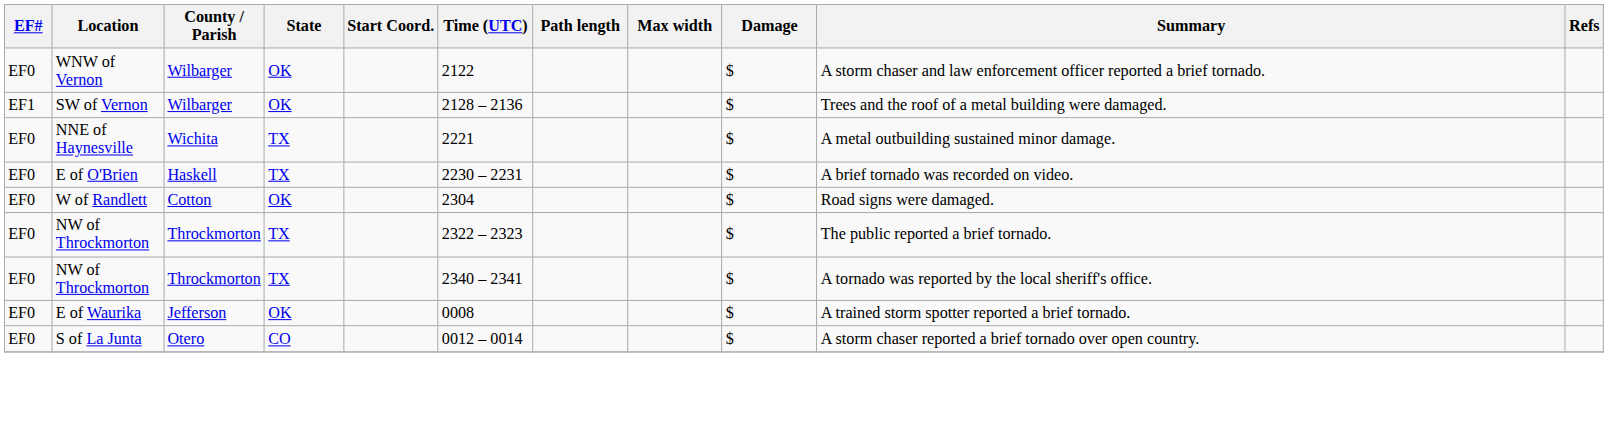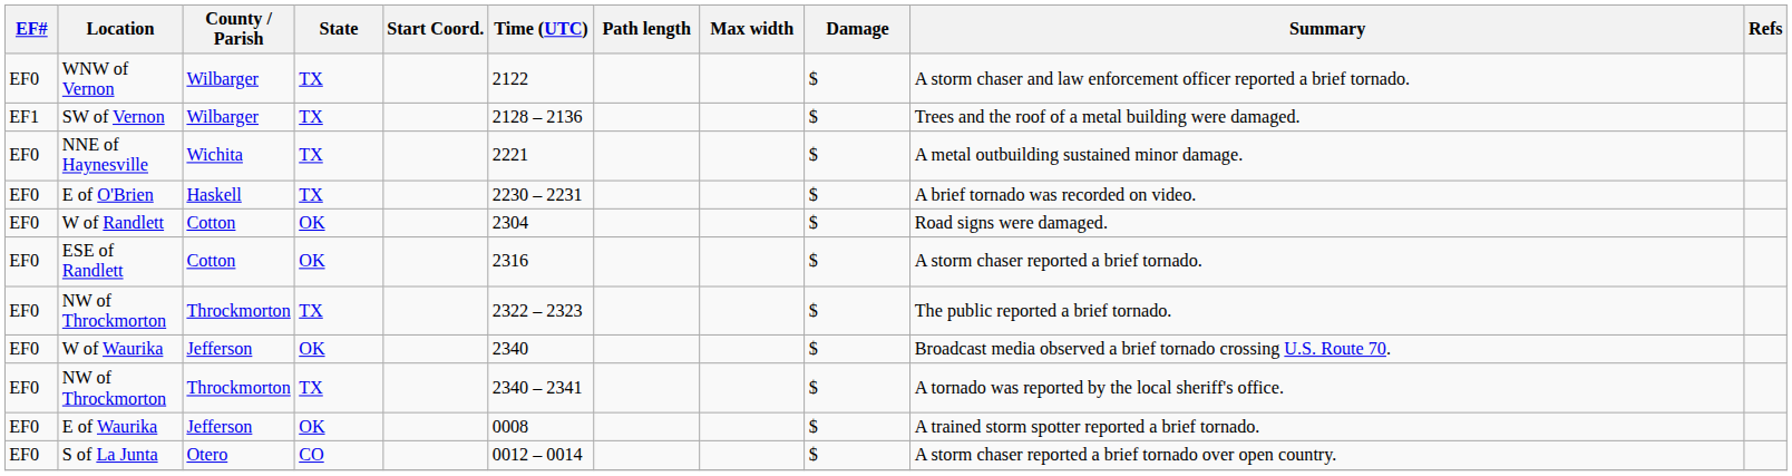 <table class="wikitable sortable" style="width:100%;">
 <tr>
 <th scope="col" width="3%" align="center"><a href='#'>EF#</a></th>
 <th scope="col" width="7%" align="center" class="unsortable">Location</th>
 <th scope="col" width="6%" align="center" class="unsortable">County / Parish</th>
 <th scope="col" width="5%" align="center">State</th>
 <th scope="col" width="6%" align="center">Start Coord.</th>
 <th scope="col" width="6%" align="center">Time (<a href='#'>UTC</a>)</th>
 <th scope="col" width="6%" align="center">Path length</th>
 <th scope="col" width="6%" align="center">Max width</th>
 <th scope="col" width="6%" align="center">Damage</th>
 <th scope="col" width="48%" class="unsortable" align="center">Summary</th>
 <th scope="col" width="48%" class="unsortable" align="center">Refs</th>
 </tr>
 <tr>
 <td>EF0</td>
 <td>WNW of <a href='#'>Vernon</a></td>
 <td><a href='#'>Wilbarger</a></td>
-<td><a href='#'>OK</a></td>
+<td><a href='#'>TX</a></td>
 <td></td>
 <td>2122</td>
 <td></td>
 <td></td>
 <td>$</td>
 <td>A storm chaser and law enforcement officer reported a brief tornado.</td>
 <td></td>
 </tr>
 <tr>
 <td>EF1</td>
 <td>SW of <a href='#'>Vernon</a></td>
 <td><a href='#'>Wilbarger</a></td>
-<td><a href='#'>OK</a></td>
+<td><a href='#'>TX</a></td>
 <td></td>
 <td>2128 – 2136</td>
 <td></td>
 <td></td>
 <td>$</td>
 <td>Trees and the roof of a metal building were damaged.</td>
 <td></td>
 </tr>
 <tr>
 <td>EF0</td>
 <td>NNE of <a href='#'>Haynesville</a></td>
 <td><a href='#'>Wichita</a></td>
 <td><a href='#'>TX</a></td>
 <td></td>
 <td>2221</td>
 <td></td>
 <td></td>
 <td>$</td>
 <td>A metal outbuilding sustained minor damage.</td>
 <td></td>
 </tr>
 <tr>
 <td>EF0</td>
 <td>E of <a href='#'>O'Brien</a></td>
 <td><a href='#'>Haskell</a></td>
 <td><a href='#'>TX</a></td>
 <td></td>
 <td>2230 – 2231</td>
 <td></td>
 <td></td>
 <td>$</td>
 <td>A brief tornado was recorded on video.</td>
 <td></td>
 </tr>
 <tr>
 <td>EF0</td>
 <td>W of <a href='#'>Randlett</a></td>
 <td><a href='#'>Cotton</a></td>
 <td><a href='#'>OK</a></td>
 <td></td>
 <td>2304</td>
 <td></td>
 <td></td>
 <td>$</td>
 <td>Road signs were damaged.</td>
 <td></td>
 </tr>
 <tr>
 <td>EF0</td>
+<td>ESE of <a href='#'>Randlett</a></td>
+<td><a href='#'>Cotton</a></td>
+<td><a href='#'>OK</a></td>
+<td></td>
+<td>2316</td>
+<td></td>
+<td></td>
+<td>$</td>
+<td>A storm chaser reported a brief tornado.</td>
+<td></td>
+</tr>
+<tr>
+<td>EF0</td>
 <td>NW of <a href='#'>Throckmorton</a></td>
 <td><a href='#'>Throckmorton</a></td>
 <td><a href='#'>TX</a></td>
 <td></td>
 <td>2322 – 2323</td>
 <td></td>
 <td></td>
 <td>$</td>
 <td>The public reported a brief tornado.</td>
+<td></td>
+</tr>
+<tr>
+<td>EF0</td>
+<td>W of <a href='#'>Waurika</a></td>
+<td><a href='#'>Jefferson</a></td>
+<td><a href='#'>OK</a></td>
+<td></td>
+<td>2340</td>
+<td></td>
+<td></td>
+<td>$</td>
+<td>Broadcast media observed a brief tornado crossing <a href='#'>U.S. Route 70</a>.</td>
 <td></td>
 </tr>
 <tr>
 <td>EF0</td>
 <td>NW of <a href='#'>Throckmorton</a></td>
 <td><a href='#'>Throckmorton</a></td>
 <td><a href='#'>TX</a></td>
 <td></td>
 <td>2340 – 2341</td>
 <td></td>
 <td></td>
 <td>$</td>
 <td>A tornado was reported by the local sheriff's office.</td>
 <td></td>
 </tr>
 <tr>
 <td>EF0</td>
 <td>E of <a href='#'>Waurika</a></td>
 <td><a href='#'>Jefferson</a></td>
 <td><a href='#'>OK</a></td>
 <td></td>
 <td>0008</td>
 <td></td>
 <td></td>
 <td>$</td>
 <td>A trained storm spotter reported a brief tornado.</td>
 <td></td>
 </tr>
 <tr>
 <td>EF0</td>
 <td>S of <a href='#'>La Junta</a></td>
 <td><a href='#'>Otero</a></td>
 <td><a href='#'>CO</a></td>
 <td></td>
 <td>0012 – 0014</td>
 <td></td>
 <td></td>
 <td>$</td>
 <td>A storm chaser reported a brief tornado over open country.</td>
 <td></td>
 </tr>
 <tr>
 </tr>
 </table>
